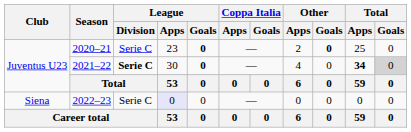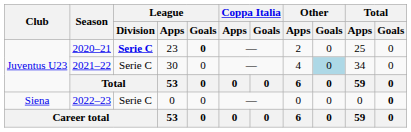 <table class="wikitable" style="text-align: center">
 <tr>
 <th rowspan="2">Club</th>
 <th rowspan="2">Season</th>
 <th colspan="3">League</th>
 <th colspan="2"><a href='#'>Coppa Italia</a></th>
 <th colspan="2">Other</th>
 <th colspan="2">Total</th>
 </tr>
 <tr>
 <th>Division</th>
 <th>Apps</th>
 <th>Goals</th>
 <th>Apps</th>
 <th>Goals</th>
 <th>Apps</th>
 <th>Goals</th>
 <th>Apps</th>
 <th>Goals</th>
 </tr>
 <tr>
 <td rowspan="3"><a href='#'>Juventus U23</a></td>
 <td><a href='#'>2020–21</a></td>
-<td><a href='#'>Serie C</a></td>
+<td><strong><a href='#'>Serie C</a></strong></td>
 <td>23</td>
 <td><strong>0</strong></td>
 <td colspan="2">—</td>
 <td>2</td>
-<td><strong>0</strong></td>
+<td>0</td>
 <td>25</td>
 <td>0</td>
 </tr>
 <tr>
 <td><a href='#'>2021–22</a></td>
-<td><strong>Serie C</strong></td>
+<td>Serie C</td>
 <td>30</td>
-<td><strong>0</strong></td>
+<td>0</td>
 <td colspan="2">—</td>
 <td>4</td>
+<td style="background: lightblue;">0</td>
+<td>34</td>
 <td>0</td>
-<td><strong>34</strong></td>
-<td style="background: lightgrey;">0</td>
 </tr>
 <tr>
 <th colspan="2">Total</th>
 <th>53</th>
 <th>0</th>
 <th>0</th>
 <th>0</th>
 <th>6</th>
 <th>0</th>
 <th>59</th>
 <th>0</th>
 </tr>
 <tr>
 <td><a href='#'>Siena</a></td>
 <td><a href='#'>2022–23</a></td>
 <td>Serie C</td>
-<td style="background: lavender;">0</td>
+<td>0</td>
 <td>0</td>
 <td colspan="2">—</td>
 <td>0</td>
 <td>0</td>
 <td>0</td>
-<td>0</td>
+<td><strong>0</strong></td>
 </tr>
 <tr>
 <th colspan="3"><strong>Career total</strong></th>
 <th>53</th>
 <th>0</th>
 <th>0</th>
 <th>0</th>
 <th>6</th>
 <th>0</th>
 <th>59</th>
 <th>0</th>
 </tr>
 </table>
